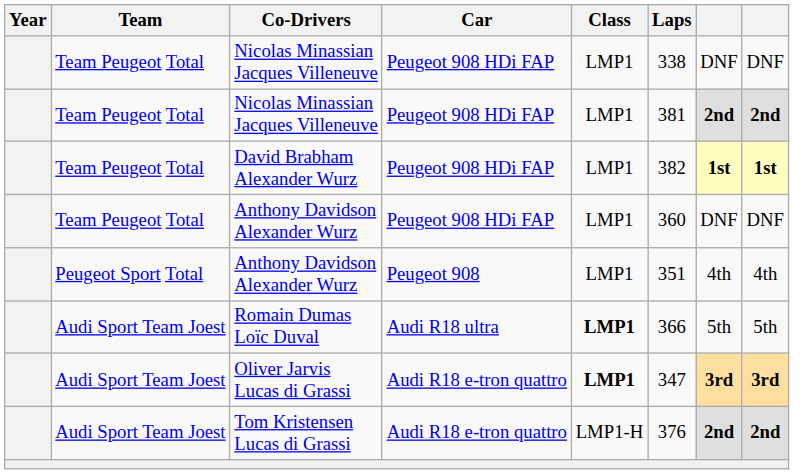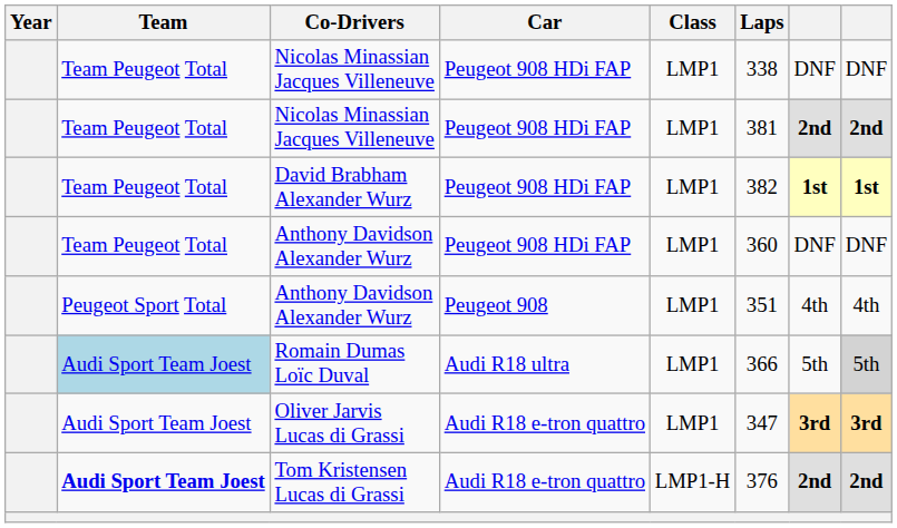 <table class="wikitable" style="text-align:center; font-size:90%">
 <tr>
 <th>Year</th>
 <th>Team</th>
 <th>Co-Drivers</th>
 <th>Car</th>
 <th>Class</th>
 <th>Laps</th>
 <th></th>
 <th></th>
 </tr>
 <tr>
 <th></th>
 <td align="left" nowrap> <a href='#'>Team Peugeot</a> <a href='#'>Total</a></td>
 <td align="left" nowrap> <a href='#'>Nicolas Minassian</a><br> <a href='#'>Jacques Villeneuve</a></td>
 <td align="left" nowrap><a href='#'>Peugeot 908 HDi FAP</a></td>
 <td>LMP1</td>
 <td>338</td>
 <td>DNF</td>
 <td>DNF</td>
 </tr>
 <tr>
 <th></th>
 <td align="left" nowrap> <a href='#'>Team Peugeot</a> <a href='#'>Total</a></td>
 <td align="left" nowrap> <a href='#'>Nicolas Minassian</a><br> <a href='#'>Jacques Villeneuve</a></td>
 <td align="left" nowrap><a href='#'>Peugeot 908 HDi FAP</a></td>
 <td>LMP1</td>
 <td>381</td>
 <td style="background:#DFDFDF;"><strong>2nd</strong></td>
 <td style="background:#DFDFDF;"><strong>2nd</strong></td>
 </tr>
 <tr>
 <th></th>
 <td align="left" nowrap> <a href='#'>Team Peugeot</a> <a href='#'>Total</a></td>
 <td align="left" nowrap> <a href='#'>David Brabham</a><br> <a href='#'>Alexander Wurz</a></td>
 <td align="left" nowrap><a href='#'>Peugeot 908 HDi FAP</a></td>
 <td>LMP1</td>
 <td>382</td>
 <td style="background:#FFFFBF;"><strong>1st</strong></td>
 <td style="background:#FFFFBF;"><strong>1st</strong></td>
 </tr>
 <tr>
 <th></th>
 <td align="left" nowrap> <a href='#'>Team Peugeot</a> <a href='#'>Total</a></td>
 <td align="left" nowrap> <a href='#'>Anthony Davidson</a><br> <a href='#'>Alexander Wurz</a></td>
 <td align="left" nowrap><a href='#'>Peugeot 908 HDi FAP</a></td>
 <td>LMP1</td>
 <td>360</td>
 <td>DNF</td>
 <td>DNF</td>
 </tr>
 <tr>
 <th></th>
 <td align="left" nowrap> <a href='#'>Peugeot Sport</a> <a href='#'>Total</a></td>
 <td align="left" nowrap> <a href='#'>Anthony Davidson</a><br> <a href='#'>Alexander Wurz</a></td>
 <td align="left" nowrap><a href='#'>Peugeot 908</a></td>
 <td>LMP1</td>
 <td>351</td>
 <td>4th</td>
 <td>4th</td>
 </tr>
 <tr>
 <th></th>
-<td align="left" nowrap> <a href='#'>Audi Sport Team Joest</a></td>
+<td align="left" nowrap style="background: lightblue;"> <a href='#'>Audi Sport Team Joest</a></td>
 <td align="left" nowrap> <a href='#'>Romain Dumas</a><br> <a href='#'>Loïc Duval</a></td>
 <td align="left" nowrap><a href='#'>Audi R18 ultra</a></td>
-<td><strong>LMP1</strong></td>
+<td>LMP1</td>
 <td>366</td>
 <td>5th</td>
-<td>5th</td>
+<td style="background: lightgrey;">5th</td>
 </tr>
 <tr>
 <th></th>
 <td align="left" nowrap> <a href='#'>Audi Sport Team Joest</a></td>
 <td align="left" nowrap> <a href='#'>Oliver Jarvis</a><br> <a href='#'>Lucas di Grassi</a></td>
 <td align="left" nowrap><a href='#'>Audi R18 e-tron quattro</a></td>
-<td><strong>LMP1</strong></td>
+<td>LMP1</td>
 <td>347</td>
 <td style="background:#FFDF9F;"><strong>3rd</strong></td>
 <td style="background:#FFDF9F;"><strong>3rd</strong></td>
 </tr>
 <tr>
 <th></th>
-<td align="left" nowrap> <a href='#'>Audi Sport Team Joest</a></td>
+<td align="left" nowrap><strong> <a href='#'>Audi Sport Team Joest</a></strong></td>
 <td align="left" nowrap> <a href='#'>Tom Kristensen</a><br> <a href='#'>Lucas di Grassi</a></td>
 <td align="left" nowrap><a href='#'>Audi R18 e-tron quattro</a></td>
 <td>LMP1-H</td>
 <td>376</td>
 <td style="background:#DFDFDF;"><strong>2nd</strong></td>
 <td style="background:#DFDFDF;"><strong>2nd</strong></td>
 </tr>
 <tr>
 <th colspan="8"></th>
 </tr>
 </table>
